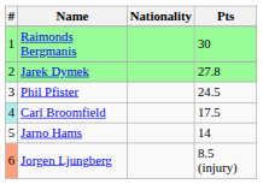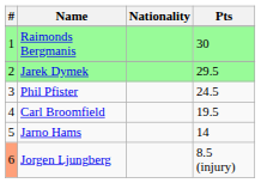 <table class="wikitable" style="display: inline-table; width: 50%;">
 <tr>
 <th>#</th>
 <th>Name</th>
 <th>Nationality</th>
 <th>Pts</th>
 </tr>
 <tr>
 </tr>
 <tr style="background:palegreen;">
 <td>1</td>
 <td><a href='#'>Raimonds Bergmanis</a></td>
 <td></td>
 <td>30</td>
 </tr>
 <tr>
 </tr>
 <tr style="background:palegreen;">
 <td>2</td>
 <td><a href='#'>Jarek Dymek</a></td>
 <td></td>
-<td>27.8</td>
+<td>29.5</td>
 </tr>
 <tr>
 <td>3</td>
 <td><a href='#'>Phil Pfister</a></td>
 <td></td>
 <td>24.5</td>
 </tr>
 <tr>
-<td style="background: paleturquoise;">4</td>
+<td>4</td>
 <td><a href='#'>Carl Broomfield</a></td>
 <td></td>
-<td>17.5</td>
+<td>19.5</td>
 </tr>
 <tr>
 <td>5</td>
 <td><a href='#'>Jarno Hams</a></td>
 <td></td>
 <td>14</td>
 </tr>
 <tr>
 <td style="background: lightsalmon;">6</td>
 <td><a href='#'>Jorgen Ljungberg</a></td>
 <td></td>
 <td>8.5 (injury)</td>
 </tr>
 </table>
